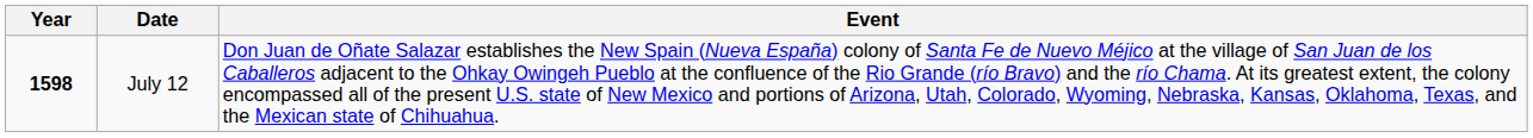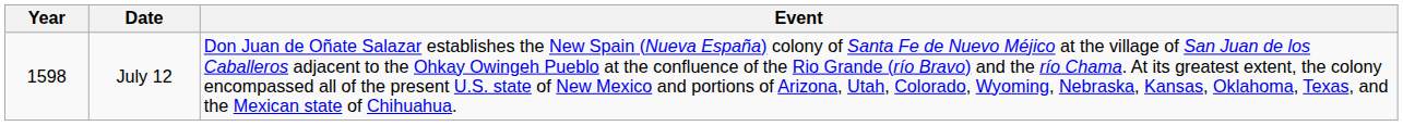 <table class="wikitable" style="width:100%;">
 <tr>
 <th style="width:6%">Year</th>
 <th style="width:8%">Date</th>
 <th style="width:86%">Event</th>
 </tr>
 <tr>
-<td align=center><strong>1598</strong></td>
+<td align=center>1598</td>
 <td align=center>July 12</td>
 <td><a href='#'>Don Juan de Oñate Salazar</a> establishes the <a href='#'>New Spain (<em>Nueva España</em>)</a> colony of <em><a href='#'>Santa Fe de Nuevo Méjico</a></em> at the village of <em><a href='#'>San Juan de los Caballeros</a></em> adjacent to the <a href='#'>Ohkay Owingeh Pueblo</a> at the confluence of the <a href='#'>Rio Grande (<em>río Bravo</em>)</a> and the <a href='#'><em>río Chama</em></a>. At its greatest extent, the colony encompassed all of the present <a href='#'>U.S. state</a> of <a href='#'>New Mexico</a> and portions of <a href='#'>Arizona</a>, <a href='#'>Utah</a>, <a href='#'>Colorado</a>, <a href='#'>Wyoming</a>, <a href='#'>Nebraska</a>, <a href='#'>Kansas</a>, <a href='#'>Oklahoma</a>, <a href='#'>Texas</a>, and the <a href='#'>Mexican state</a> of <a href='#'>Chihuahua</a>.</td>
 </tr>
 </table>
